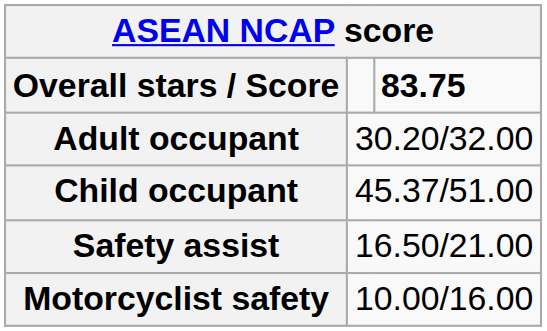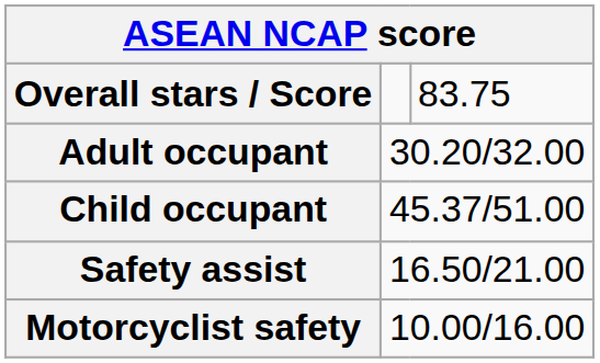 <table class="wikitable">
 <tr>
 <th colspan="3"><a href='#'>ASEAN NCAP</a> score</th>
 </tr>
 <tr>
 <th><strong>Overall stars / Score</strong></th>
 <td></td>
-<td><strong>83.75</strong></td>
+<td>83.75</td>
 </tr>
 <tr>
 <th><strong>Adult occupant</strong></th>
 <td colspan="2">30.20/32.00</td>
 </tr>
 <tr>
 <th><strong>Child occupant</strong></th>
 <td colspan="2">45.37/51.00</td>
 </tr>
 <tr>
 <th><strong>Safety assist</strong></th>
 <td colspan="2">16.50/21.00</td>
 </tr>
 <tr>
 <th><strong>Motorcyclist safety</strong></th>
 <td colspan="2">10.00/16.00</td>
 </tr>
 </table>
